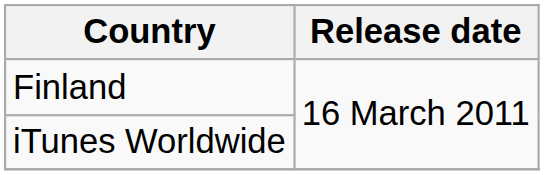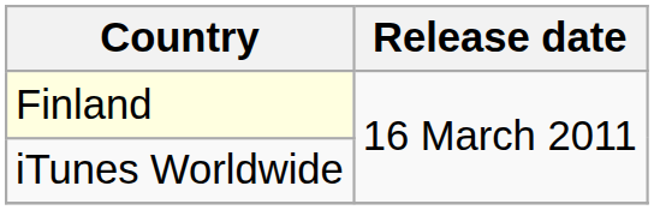 <table class="wikitable">
 <tr>
 <th>Country</th>
 <th>Release date</th>
 </tr>
 <tr>
-<td>Finland</td>
+<td style="background: lightyellow;">Finland</td>
 <td rowspan="2">16 March 2011</td>
 </tr>
 <tr>
 <td>iTunes Worldwide</td>
 </tr>
 <tr>
 </tr>
 </table>
